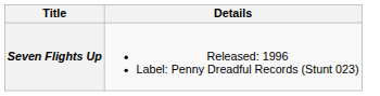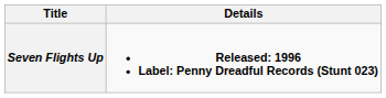 <table class="wikitable plainrowheaders" style="text-align:center;" border="1">
 <tr>
 <th>Title</th>
 <th>Details</th>
 </tr>
 <tr>
 <th scope="row"><em>Seven Flights Up</em></th>
-<td><br><ul><li>Released: 1996</li><li>Label: Penny Dreadful Records (Stunt 023)</li></ul></td>
+<td><strong><br><ul><li>Released: 1996</li><li>Label: Penny Dreadful Records (Stunt 023)</li></ul></strong></td>
 </tr>
 </table>
